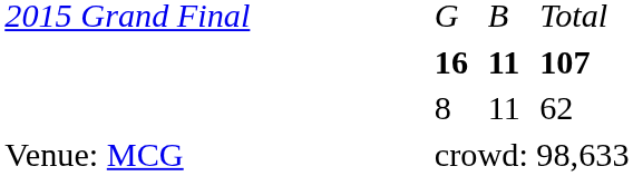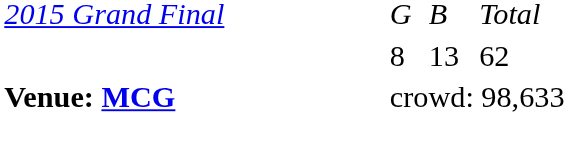 <table style="margin-right:4px; margin-top:8px; float:right; border:1px No.">
 <tr>
 <td width=200><em><a href='#'>2015 Grand Final</a></em></td>
 <td><em>G</em></td>
 <td><em>B</em></td>
 <td><em>Total</em></td>
 </tr>
 <tr>
 <td style="text-align:left"></td>
-<td><strong>16</strong></td>
-<td><strong>11</strong></td>
-<td><strong>107</strong></td>
-</tr>
-<tr>
-<td style="text-align:left"></td>
 <td>8</td>
-<td>11</td>
+<td>13</td>
 <td>62</td>
 </tr>
 <tr>
-<td>Venue: <a href='#'>MCG</a></td>
+<td><strong>Venue: <a href='#'>MCG</a></strong></td>
 <td colspan=3>crowd: 98,633</td>
 </tr>
 </table>
